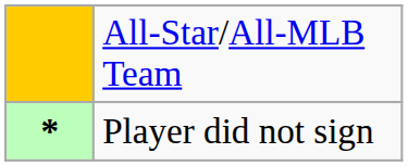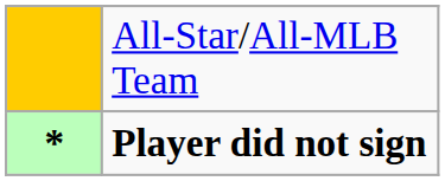 <table class="wikitable" style="width:20%;">
 <tr>
 <td style="background:#fc0; border:1px solid #aaa; width:2em;"></td>
 <td><a href='#'>All-Star</a>/<a href='#'>All-MLB Team</a></td>
 </tr>
 <tr>
 <th scope="row" style="background:#bfb;">*</th>
-<td>Player did not sign</td>
+<td><strong>Player did not sign</strong></td>
 </tr>
 </table>
